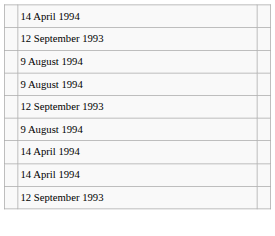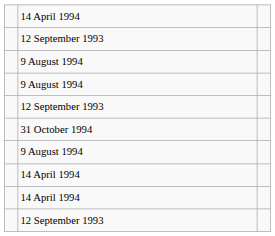 <table class="wikitable" style="font-size: 89%; float: left; width: 25em; margin-right: 1em; line-height: 1.65em !important; height: 270px;">
 <tr>
 <td></td>
 <td>14 April 1994</td>
 <td></td>
 </tr>
 <tr>
 <td></td>
 <td>12 September 1993</td>
 <td></td>
 </tr>
 <tr>
 <td></td>
 <td>9 August 1994</td>
 <td></td>
 </tr>
 <tr>
 <td></td>
 <td>9 August 1994</td>
 <td></td>
 </tr>
 <tr>
 <td></td>
 <td>12 September 1993</td>
 <td></td>
 </tr>
 <tr>
 <td></td>
+<td>31 October 1994</td>
+<td></td>
+</tr>
+<tr>
+<td></td>
 <td>9 August 1994</td>
 <td></td>
 </tr>
 <tr>
 <td></td>
 <td>14 April 1994</td>
 <td></td>
 </tr>
 <tr>
 <td></td>
 <td>14 April 1994</td>
 <td></td>
 </tr>
 <tr>
 <td></td>
 <td>12 September 1993</td>
 <td></td>
 </tr>
 </table>
